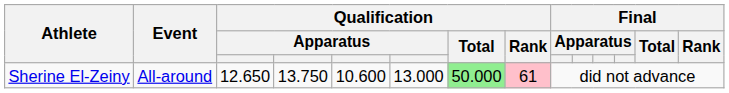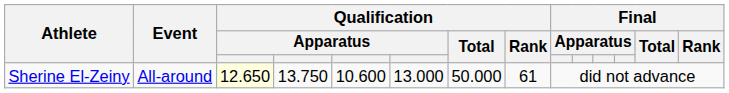 <table class="wikitable" style="font-size:90%">
 <tr>
 <th rowspan="3">Athlete</th>
 <th rowspan="3">Event</th>
 <th colspan=6>Qualification</th>
 <th colspan=6>Final</th>
 </tr>
 <tr style="font-size:95%">
 <th colspan=4>Apparatus</th>
 <th rowspan=2>Total</th>
 <th rowspan=2>Rank</th>
 <th colspan=4>Apparatus</th>
 <th rowspan=2>Total</th>
 <th rowspan=2>Rank</th>
 </tr>
 <tr style="font-size:95%">
 <th></th>
 <th></th>
 <th></th>
 <th></th>
 <th></th>
 <th></th>
 <th></th>
 <th></th>
 </tr>
 <tr align=center>
 <td align=left><a href='#'>Sherine El-Zeiny</a></td>
 <td align=left><a href='#'>All-around</a></td>
-<td>12.650</td>
+<td style="background: lightyellow;">12.650</td>
 <td>13.750</td>
 <td>10.600</td>
 <td>13.000</td>
-<td style="background: lightgreen;">50.000</td>
-<td style="background: pink;">61</td>
+<td>50.000</td>
+<td>61</td>
 <td colspan=6>did not advance</td>
 </tr>
 </table>
